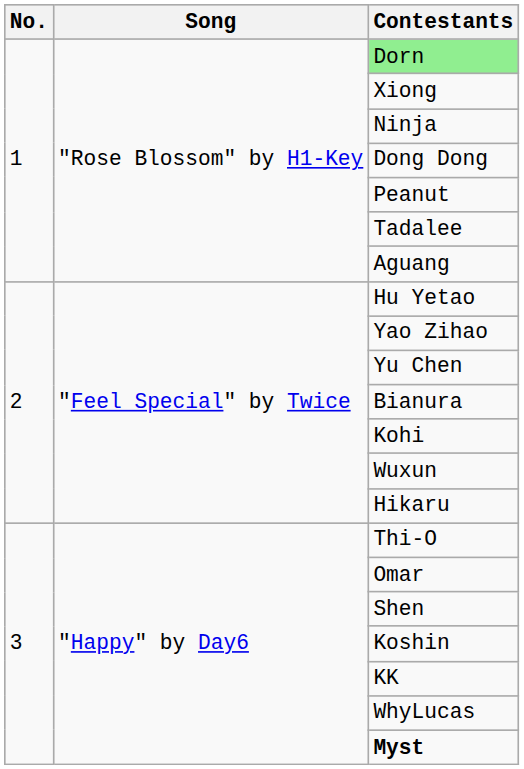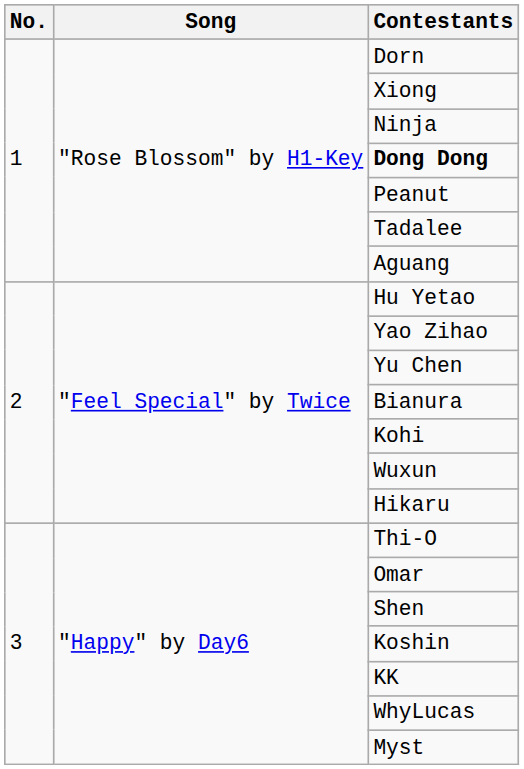 <table class="wikitable">
 <tr>
 <th scope="row">No.</th>
 <th scope="row">Song</th>
 <th scope="row">Contestants</th>
 </tr>
 <tr>
 <td rowspan="7">1</td>
 <td rowspan="7">"Rose Blossom" by <a href='#'>H1-Key</a></td>
-<td style="background: lightgreen;">Dorn</td>
+<td>Dorn</td>
 </tr>
 <tr>
 <td>Xiong</td>
 </tr>
 <tr>
 <td>Ninja</td>
 </tr>
 <tr>
-<td>Dong Dong</td>
+<td><strong>Dong Dong</strong></td>
 </tr>
 <tr>
 <td>Peanut</td>
 </tr>
 <tr>
 <td>Tadalee</td>
 </tr>
 <tr>
 <td>Aguang</td>
 </tr>
 <tr>
 <td rowspan="7">2</td>
 <td rowspan="7">"<a href='#'>Feel Special</a>" by <a href='#'>Twice</a></td>
 <td>Hu Yetao</td>
 </tr>
 <tr>
 <td>Yao Zihao</td>
 </tr>
 <tr>
 <td>Yu Chen</td>
 </tr>
 <tr>
 <td>Bianura</td>
 </tr>
 <tr>
 <td>Kohi</td>
 </tr>
 <tr>
 <td>Wuxun</td>
 </tr>
 <tr>
 <td>Hikaru</td>
 </tr>
 <tr>
 <td rowspan="7">3</td>
 <td rowspan="7">"<a href='#'>Happy</a>" by <a href='#'>Day6</a></td>
 <td>Thi-O</td>
 </tr>
 <tr>
 <td>Omar</td>
 </tr>
 <tr>
 <td>Shen</td>
 </tr>
 <tr>
 <td>Koshin</td>
 </tr>
 <tr>
 <td>KK</td>
 </tr>
 <tr>
 <td>WhyLucas</td>
 </tr>
 <tr>
-<td><strong>Myst</strong></td>
+<td>Myst</td>
 </tr>
 </table>
